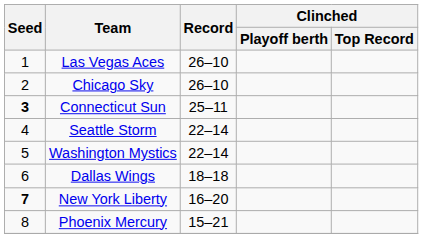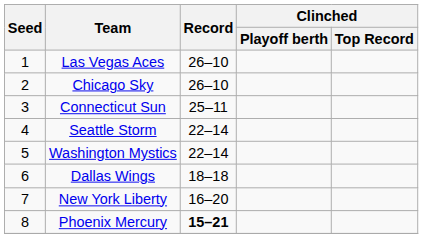 <table class="wikitable"  style="font-size:95%; text-align:center;">
 <tr>
 <th rowspan=2>Seed</th>
 <th rowspan=2>Team</th>
 <th rowspan=2>Record</th>
 <th colspan=2>Clinched</th>
 </tr>
 <tr>
 <th>Playoff berth</th>
 <th>Top Record</th>
 </tr>
 <tr>
 <td>1</td>
 <td><a href='#'>Las Vegas Aces</a></td>
 <td>26–10</td>
 <td></td>
 <td></td>
 </tr>
 <tr>
 <td>2</td>
 <td><a href='#'>Chicago Sky</a></td>
 <td>26–10</td>
 <td></td>
 <td></td>
 </tr>
 <tr>
-<td><strong>3</strong></td>
+<td>3</td>
 <td><a href='#'>Connecticut Sun</a></td>
 <td>25–11</td>
 <td></td>
 <td></td>
 </tr>
 <tr>
 <td>4</td>
 <td><a href='#'>Seattle Storm</a></td>
 <td>22–14</td>
 <td></td>
 <td></td>
 </tr>
 <tr>
 <td>5</td>
 <td><a href='#'>Washington Mystics</a></td>
 <td>22–14</td>
 <td></td>
 <td></td>
 </tr>
 <tr>
 <td>6</td>
 <td><a href='#'>Dallas Wings</a></td>
 <td>18–18</td>
 <td></td>
 <td></td>
 </tr>
 <tr>
-<td><strong>7</strong></td>
+<td>7</td>
 <td><a href='#'>New York Liberty</a></td>
 <td>16–20</td>
 <td></td>
 <td></td>
 </tr>
 <tr>
 <td>8</td>
 <td><a href='#'>Phoenix Mercury</a></td>
-<td>15–21</td>
+<td><strong>15–21</strong></td>
 <td></td>
 <td></td>
 </tr>
 <tr>
 </tr>
 </table>
